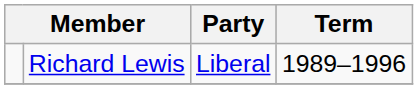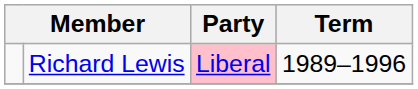 <table class="wikitable">
 <tr>
 <th colspan="2">Member</th>
 <th>Party</th>
 <th>Term</th>
 </tr>
 <tr>
 <td> </td>
 <td><a href='#'>Richard Lewis</a></td>
-<td><a href='#'>Liberal</a></td>
+<td style="background: pink;"><a href='#'>Liberal</a></td>
 <td>1989–1996</td>
 </tr>
 <tr>
 </tr>
 </table>
